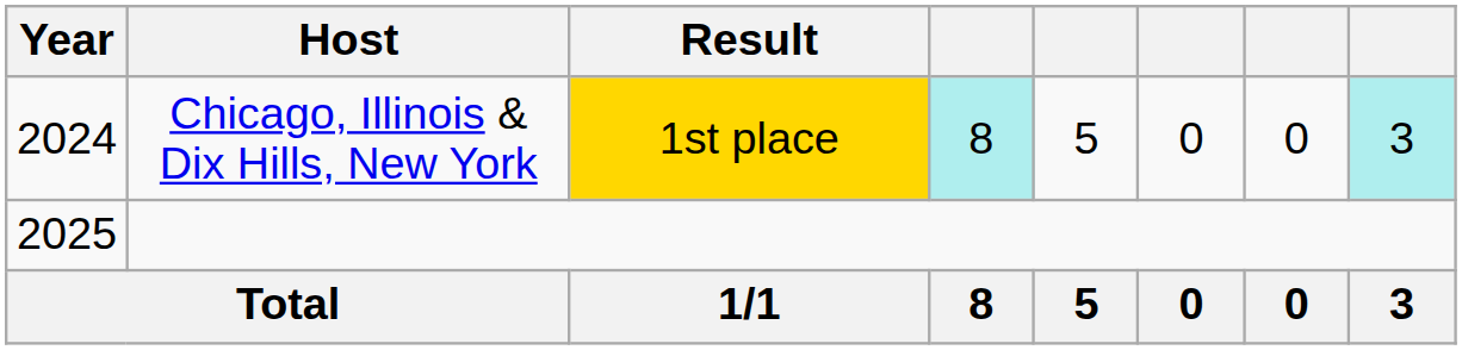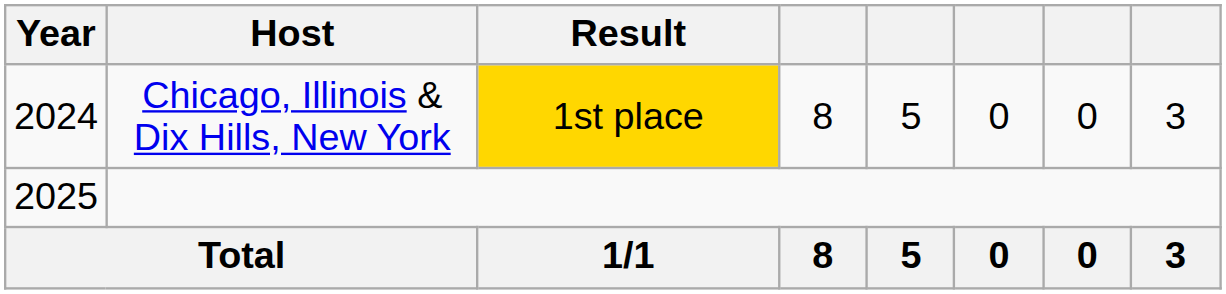 <table class="wikitable" style="text-align:center">
 <tr>
 <th width=30>Year</th>
 <th width=150>Host</th>
 <th width=120>Result</th>
 <th width=30></th>
 <th width=30></th>
 <th width=30></th>
 <th width=30></th>
 <th width=30></th>
 </tr>
 <tr>
 <td>2024</td>
 <td> <a href='#'>Chicago, Illinois</a> & <a href='#'>Dix Hills, New York</a></td>
 <td bgcolor="#FFD700"> 1st place<br></td>
-<td style="background: paleturquoise;">8</td>
+<td>8</td>
 <td>5</td>
 <td>0</td>
 <td>0</td>
-<td style="background: paleturquoise;">3</td>
+<td>3</td>
 </tr>
 <tr>
 <td>2025</td>
 </tr>
 <tr>
 <th colspan=2>Total</th>
 <th>1/1</th>
 <th>8</th>
 <th>5</th>
 <th>0</th>
 <th>0</th>
 <th>3</th>
 </tr>
 </table>
